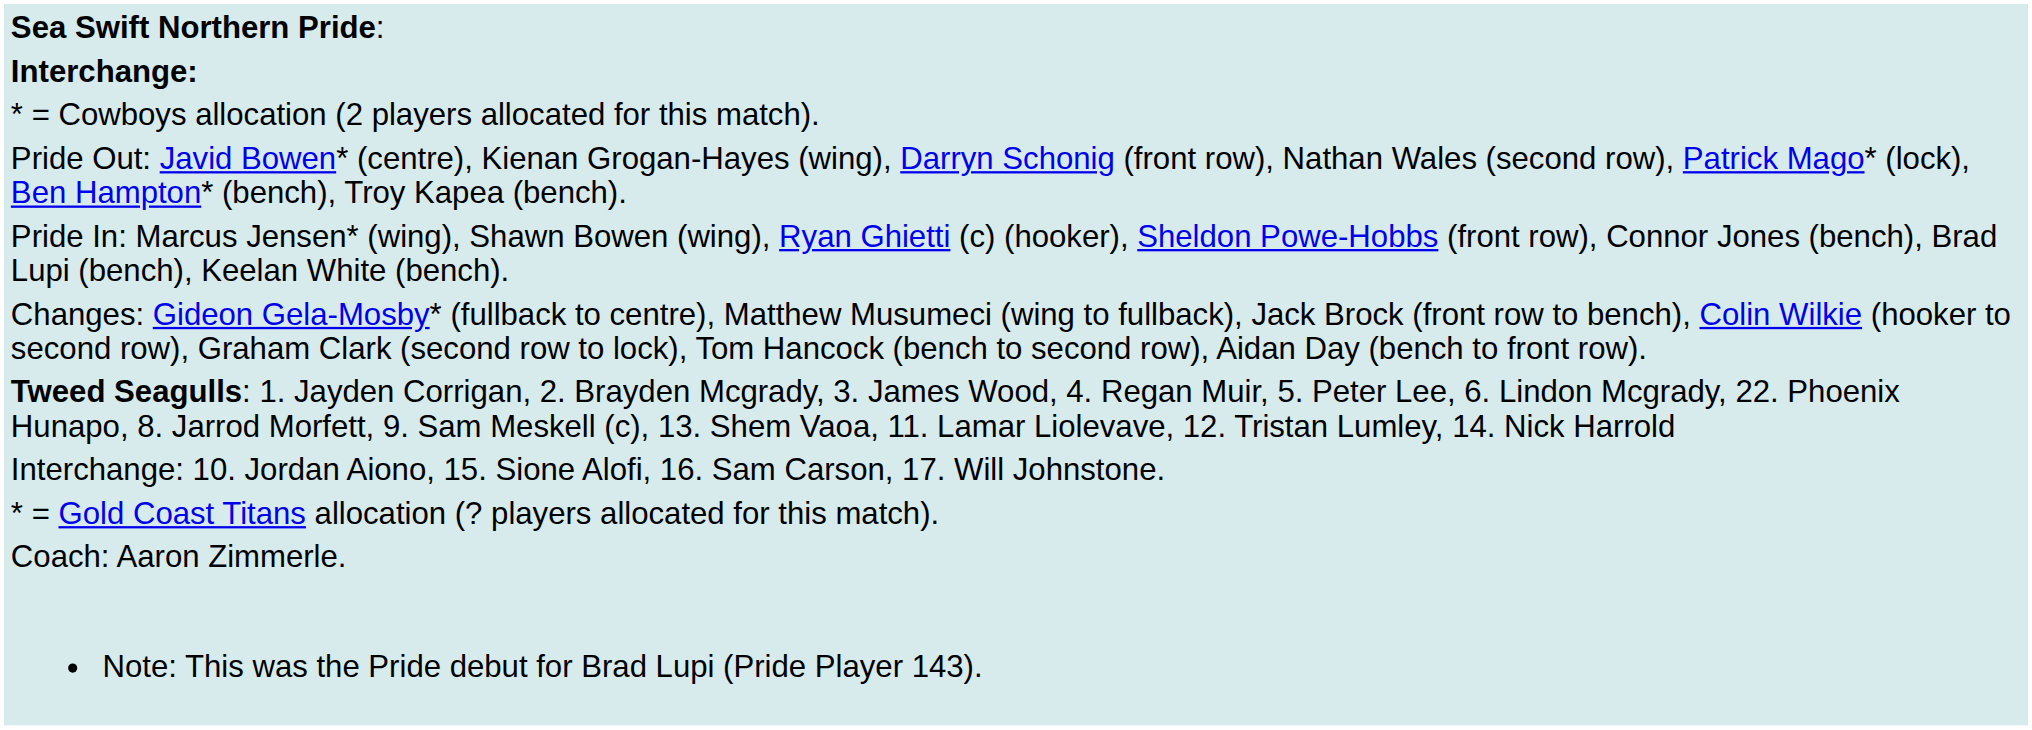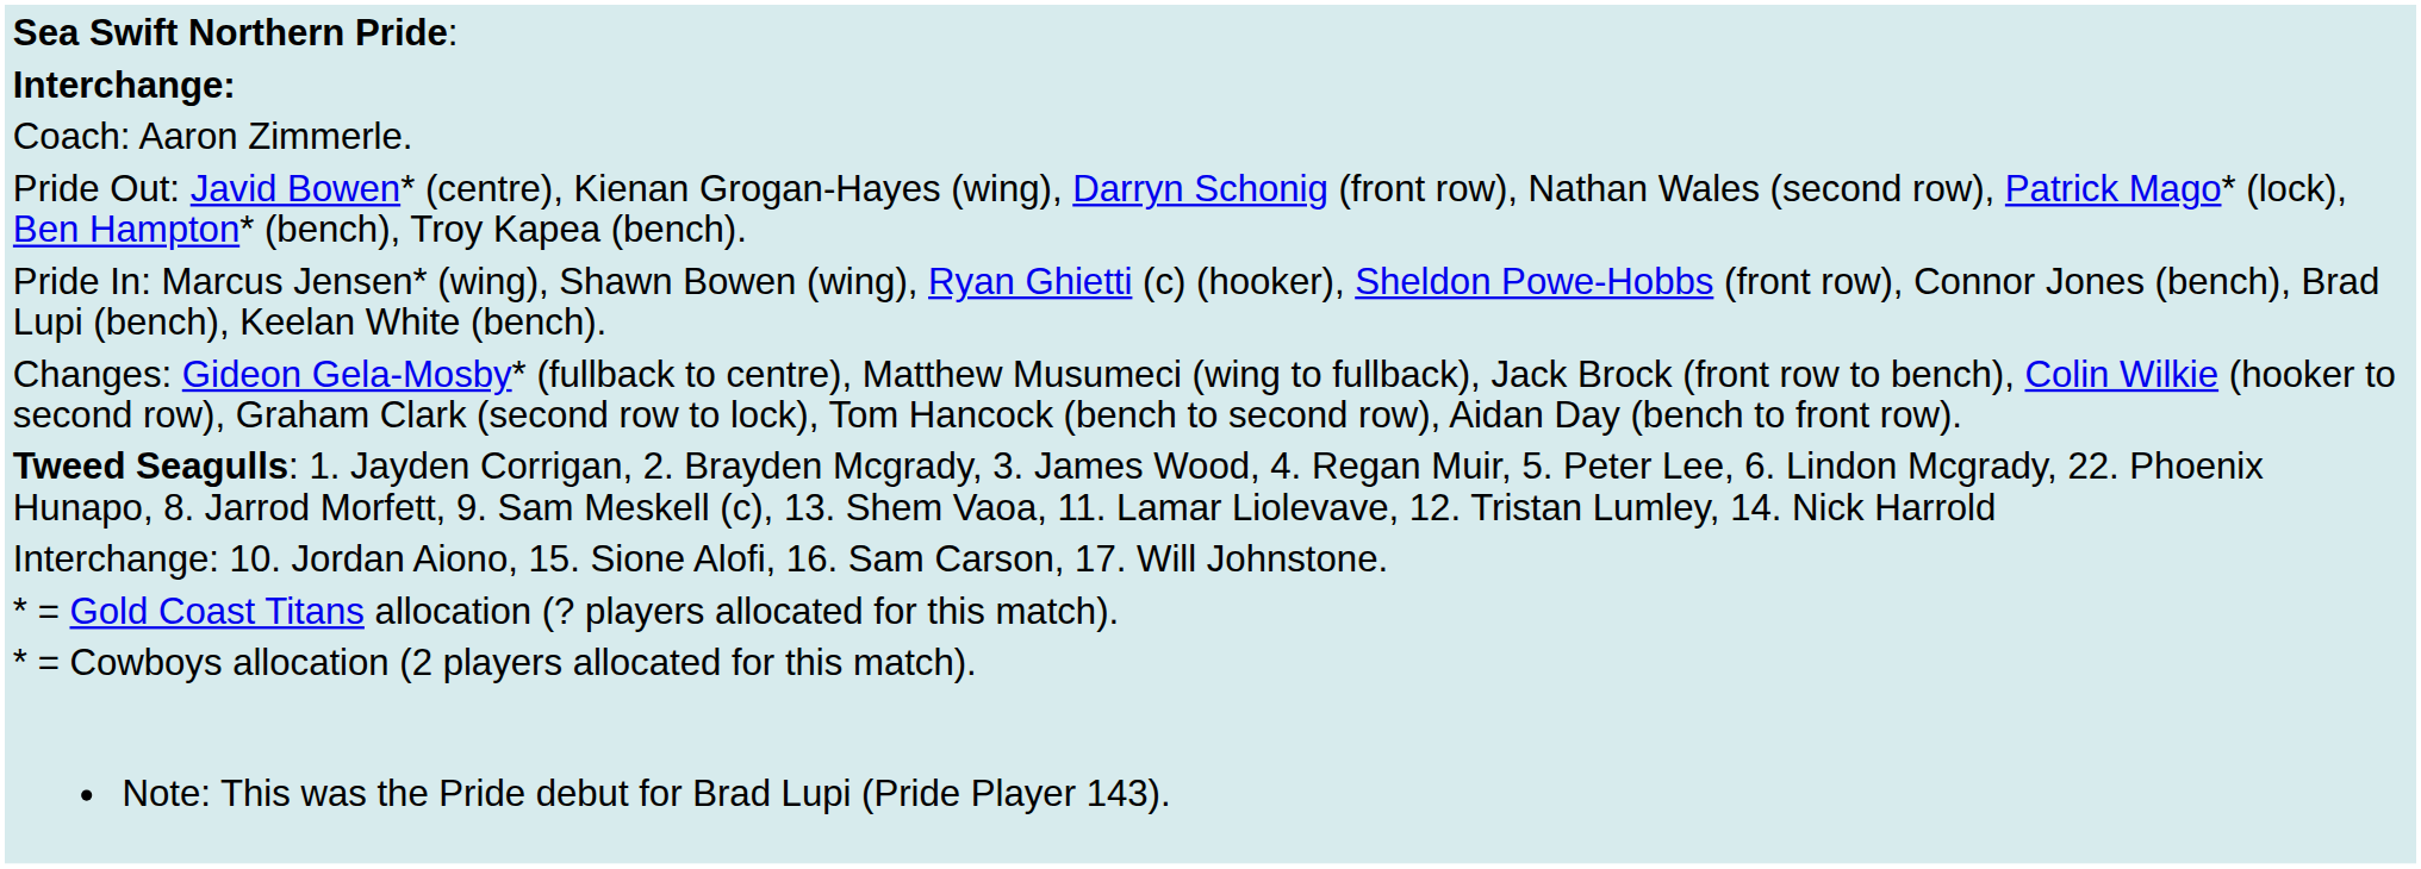 <table style="background:#d7ebed; font-size:85%; width:100%;">
 <tr>
 <td><strong>Sea Swift Northern Pride</strong>:            </td>
 </tr>
 <tr>
 <td><strong>Interchange:    </strong></td>
 </tr>
 <tr>
-<td>* = Cowboys allocation (2 players allocated for this match).</td>
+<td>Coach: Aaron Zimmerle.</td>
 </tr>
 <tr>
 <td>Pride Out: <a href='#'>Javid Bowen</a>* (centre), Kienan Grogan-Hayes (wing), <a href='#'>Darryn Schonig</a> (front row), Nathan Wales (second row), <a href='#'>Patrick Mago</a>* (lock), <a href='#'>Ben Hampton</a>* (bench), Troy Kapea (bench).</td>
 </tr>
 <tr>
 <td>Pride In: Marcus Jensen* (wing), Shawn Bowen (wing), <a href='#'>Ryan Ghietti</a> (c) (hooker), <a href='#'>Sheldon Powe-Hobbs</a> (front row), Connor Jones (bench), Brad Lupi (bench), Keelan White (bench).</td>
 </tr>
 <tr>
 <td>Changes: <a href='#'>Gideon Gela-Mosby</a>* (fullback to centre), Matthew Musumeci (wing to fullback), Jack Brock (front row to bench), <a href='#'>Colin Wilkie</a> (hooker to second row), Graham Clark (second row to lock), Tom Hancock (bench to second row), Aidan Day (bench to front row).</td>
 </tr>
 <tr>
 <td><strong>Tweed Seagulls</strong>: 1. Jayden Corrigan, 2. Brayden Mcgrady, 3. James Wood, 4. Regan Muir, 5. Peter Lee, 6. Lindon Mcgrady, 22. Phoenix Hunapo, 8. Jarrod Morfett, 9. Sam Meskell (c), 13. Shem Vaoa, 11. Lamar Liolevave, 12. Tristan Lumley, 14. Nick Harrold</td>
 </tr>
 <tr>
 <td>Interchange: 10. Jordan Aiono, 15. Sione Alofi, 16. Sam Carson, 17. Will Johnstone.</td>
 </tr>
 <tr>
 <td>* = <a href='#'>Gold Coast Titans</a> allocation (? players allocated for this match).</td>
 </tr>
 <tr>
-<td>Coach: Aaron Zimmerle.</td>
+<td>* = Cowboys allocation (2 players allocated for this match).</td>
 </tr>
 <tr>
 <td><br><ul><li>Note: This was the Pride debut for Brad Lupi (Pride Player 143).</li></ul></td>
 </tr>
 <tr>
 </tr>
 </table>
